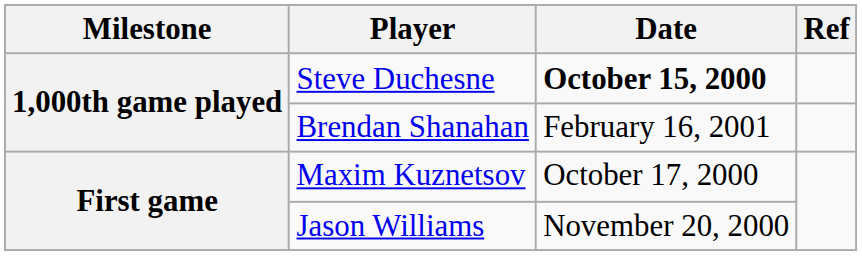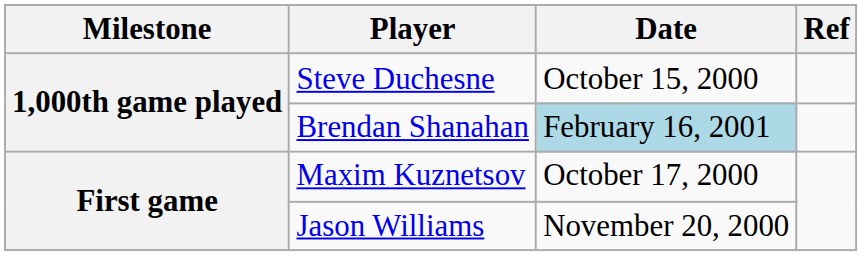 <table class="wikitable">
 <tr>
 <th scope="col">Milestone</th>
 <th scope="col">Player</th>
 <th scope="col">Date</th>
 <th scope="col">Ref</th>
 </tr>
 <tr>
 <th rowspan=2>1,000th game played</th>
 <td><a href='#'>Steve Duchesne</a></td>
-<td><strong>October 15, 2000</strong></td>
+<td>October 15, 2000</td>
 <td></td>
 </tr>
 <tr>
 <td><a href='#'>Brendan Shanahan</a></td>
-<td>February 16, 2001</td>
+<td style="background: lightblue;">February 16, 2001</td>
 <td></td>
 </tr>
 <tr>
 <th rowspan=2>First game</th>
 <td><a href='#'>Maxim Kuznetsov</a></td>
 <td>October 17, 2000</td>
 <td rowspan=2></td>
 </tr>
 <tr>
 <td><a href='#'>Jason Williams</a></td>
 <td>November 20, 2000</td>
 </tr>
 </table>
